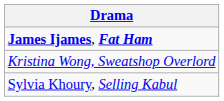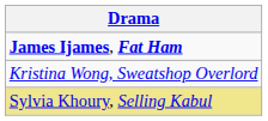 <table class="wikitable" style="float:left; float:none;">
 <tr>
 <th><a href='#'>Drama</a></th>
 </tr>
 <tr>
 <td><strong><a href='#'>James Ijames</a></strong>, <strong><em><a href='#'>Fat Ham</a></em></strong></td>
 </tr>
 <tr>
 <td><em><a href='#'>Kristina Wong, Sweatshop Overlord</a></em></td>
 </tr>
 <tr>
-<td><a href='#'>Sylvia Khoury</a>, <em><a href='#'>Selling Kabul</a></em></td>
+<td style="background: khaki;"><a href='#'>Sylvia Khoury</a>, <em><a href='#'>Selling Kabul</a></em></td>
 </tr>
 </table>
